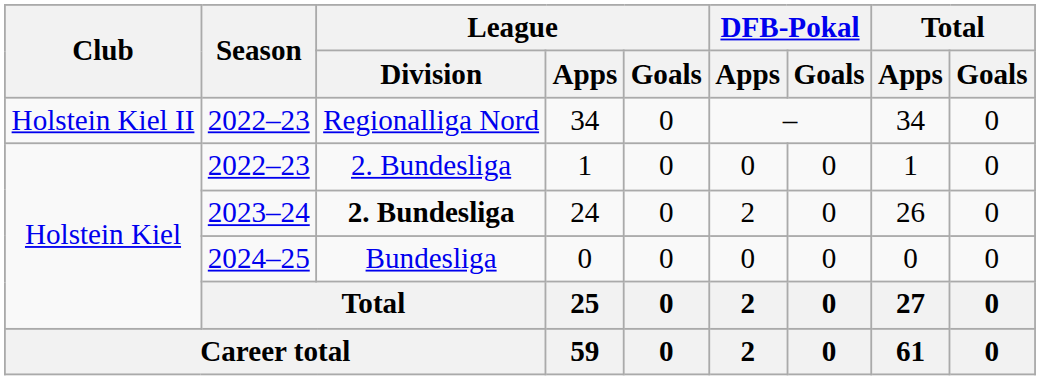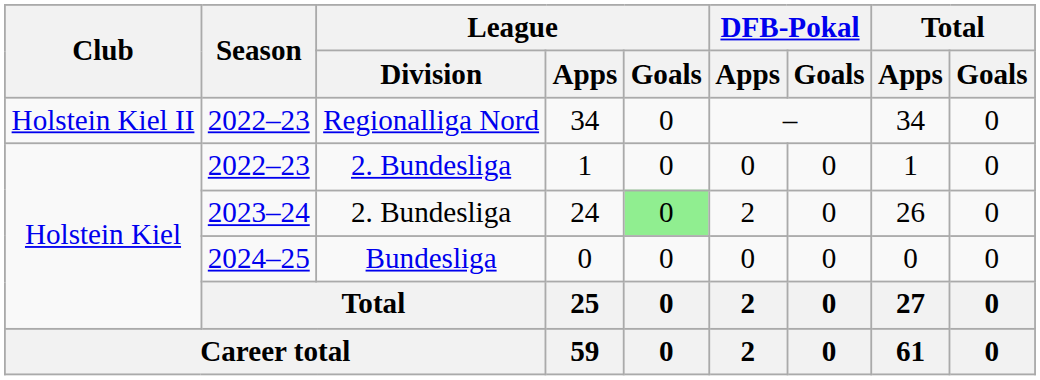 <table class="wikitable" style="text-align:center">
 <tr>
 <th rowspan="2">Club</th>
 <th rowspan="2">Season</th>
 <th colspan="3">League</th>
 <th colspan="2"><a href='#'>DFB-Pokal</a></th>
 <th colspan="2">Total</th>
 </tr>
 <tr>
 <th>Division</th>
 <th>Apps</th>
 <th>Goals</th>
 <th>Apps</th>
 <th>Goals</th>
 <th>Apps</th>
 <th>Goals</th>
 </tr>
 <tr>
 <td><a href='#'>Holstein Kiel II</a></td>
 <td><a href='#'>2022–23</a></td>
 <td><a href='#'>Regionalliga Nord</a></td>
 <td>34</td>
 <td>0</td>
 <td colspan="2">–</td>
 <td>34</td>
 <td>0</td>
 </tr>
 <tr>
 <td rowspan="4"><a href='#'>Holstein Kiel</a></td>
 <td><a href='#'>2022–23</a></td>
 <td><a href='#'>2. Bundesliga</a></td>
 <td>1</td>
 <td>0</td>
 <td>0</td>
 <td>0</td>
 <td>1</td>
 <td>0</td>
 </tr>
 <tr>
 <td><a href='#'>2023–24</a></td>
-<td><strong>2. Bundesliga</strong></td>
+<td>2. Bundesliga</td>
 <td>24</td>
-<td>0</td>
+<td style="background: lightgreen;">0</td>
 <td>2</td>
 <td>0</td>
 <td>26</td>
 <td>0</td>
 </tr>
 <tr>
 <td><a href='#'>2024–25</a></td>
 <td><a href='#'>Bundesliga</a></td>
 <td>0</td>
 <td>0</td>
 <td>0</td>
 <td>0</td>
 <td>0</td>
 <td>0</td>
 </tr>
 <tr>
 <th colspan="2">Total</th>
 <th>25</th>
 <th>0</th>
 <th>2</th>
 <th>0</th>
 <th>27</th>
 <th>0</th>
 </tr>
 <tr>
 <th colspan="3">Career total</th>
 <th>59</th>
 <th>0</th>
 <th>2</th>
 <th>0</th>
 <th>61</th>
 <th>0</th>
 </tr>
 </table>
